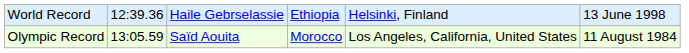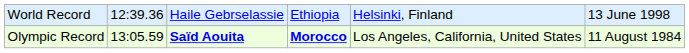 <table class="wikitable">
 <tr bgcolor = "ddeeff">
 <td>World Record</td>
 <td>12:39.36</td>
 <td><a href='#'>Haile Gebrselassie</a></td>
 <td><a href='#'>Ethiopia</a></td>
 <td><a href='#'>Helsinki</a>, Finland</td>
 <td>13 June 1998</td>
 </tr>
 <tr bgcolor = "eeffdd">
 <td>Olympic Record</td>
 <td>13:05.59</td>
-<td><a href='#'>Saïd Aouita</a></td>
-<td><a href='#'>Morocco</a></td>
+<td><strong><a href='#'>Saïd Aouita</a></strong></td>
+<td><strong><a href='#'>Morocco</a></strong></td>
 <td>Los Angeles, California, United States</td>
 <td>11 August 1984</td>
 </tr>
 </table>
